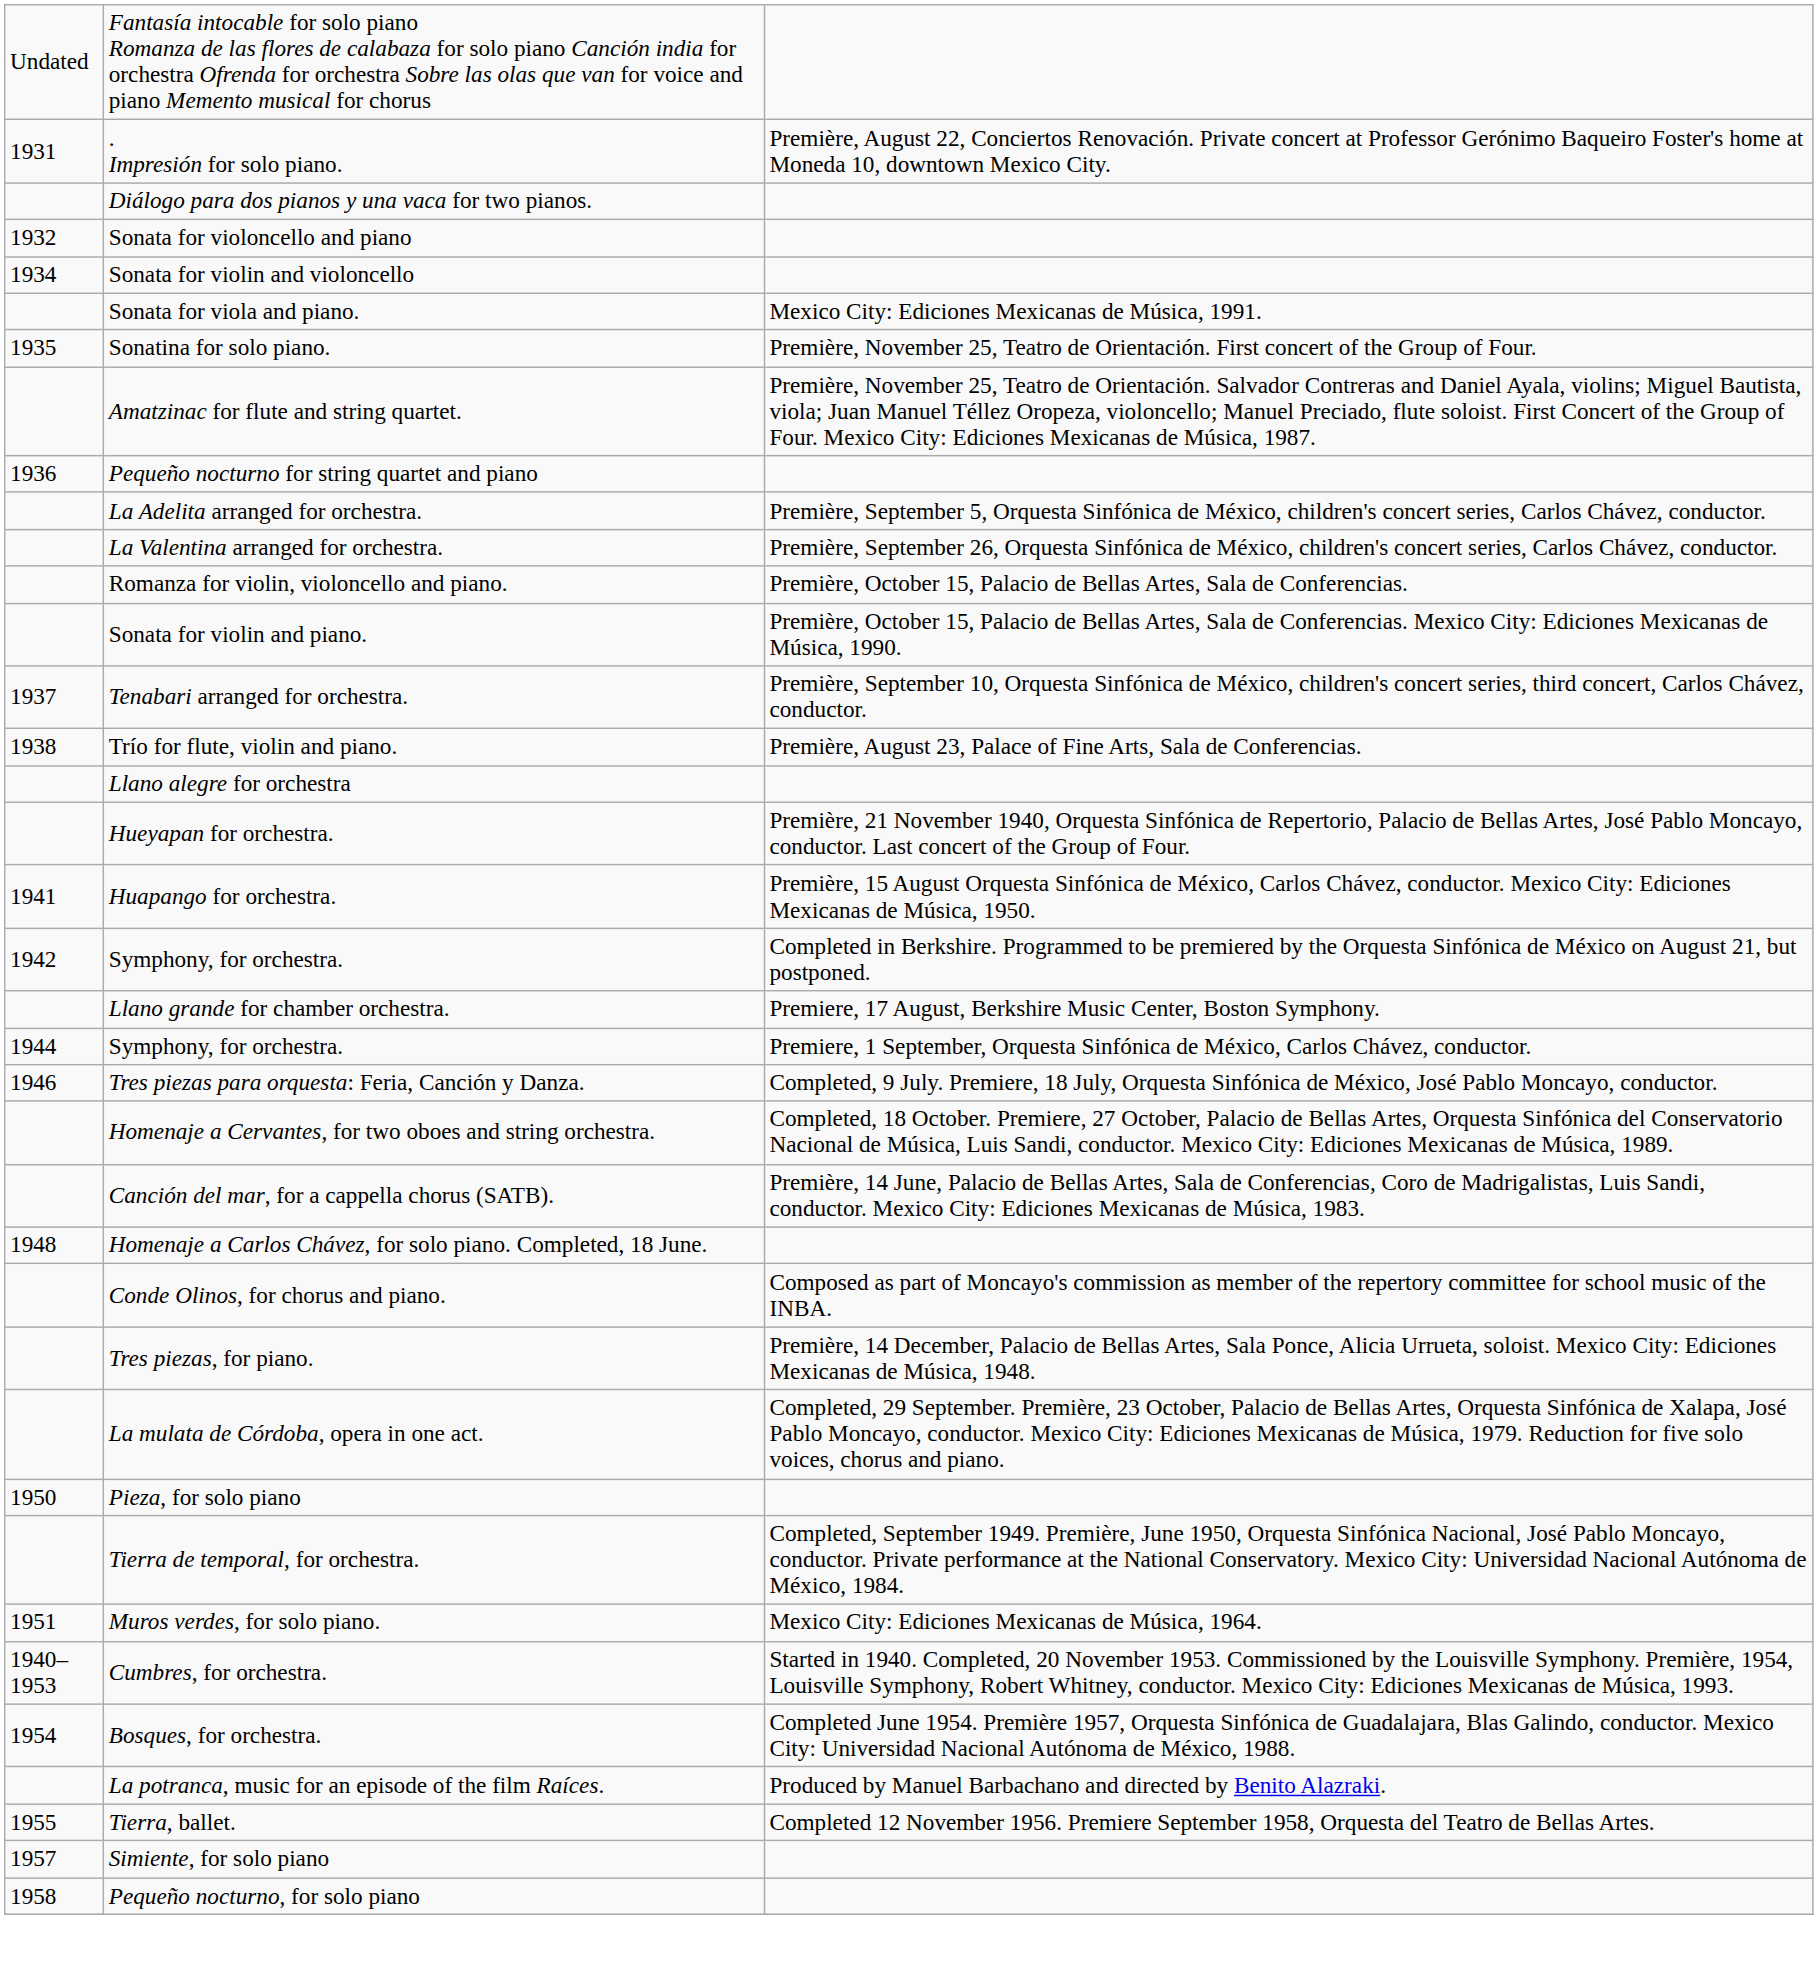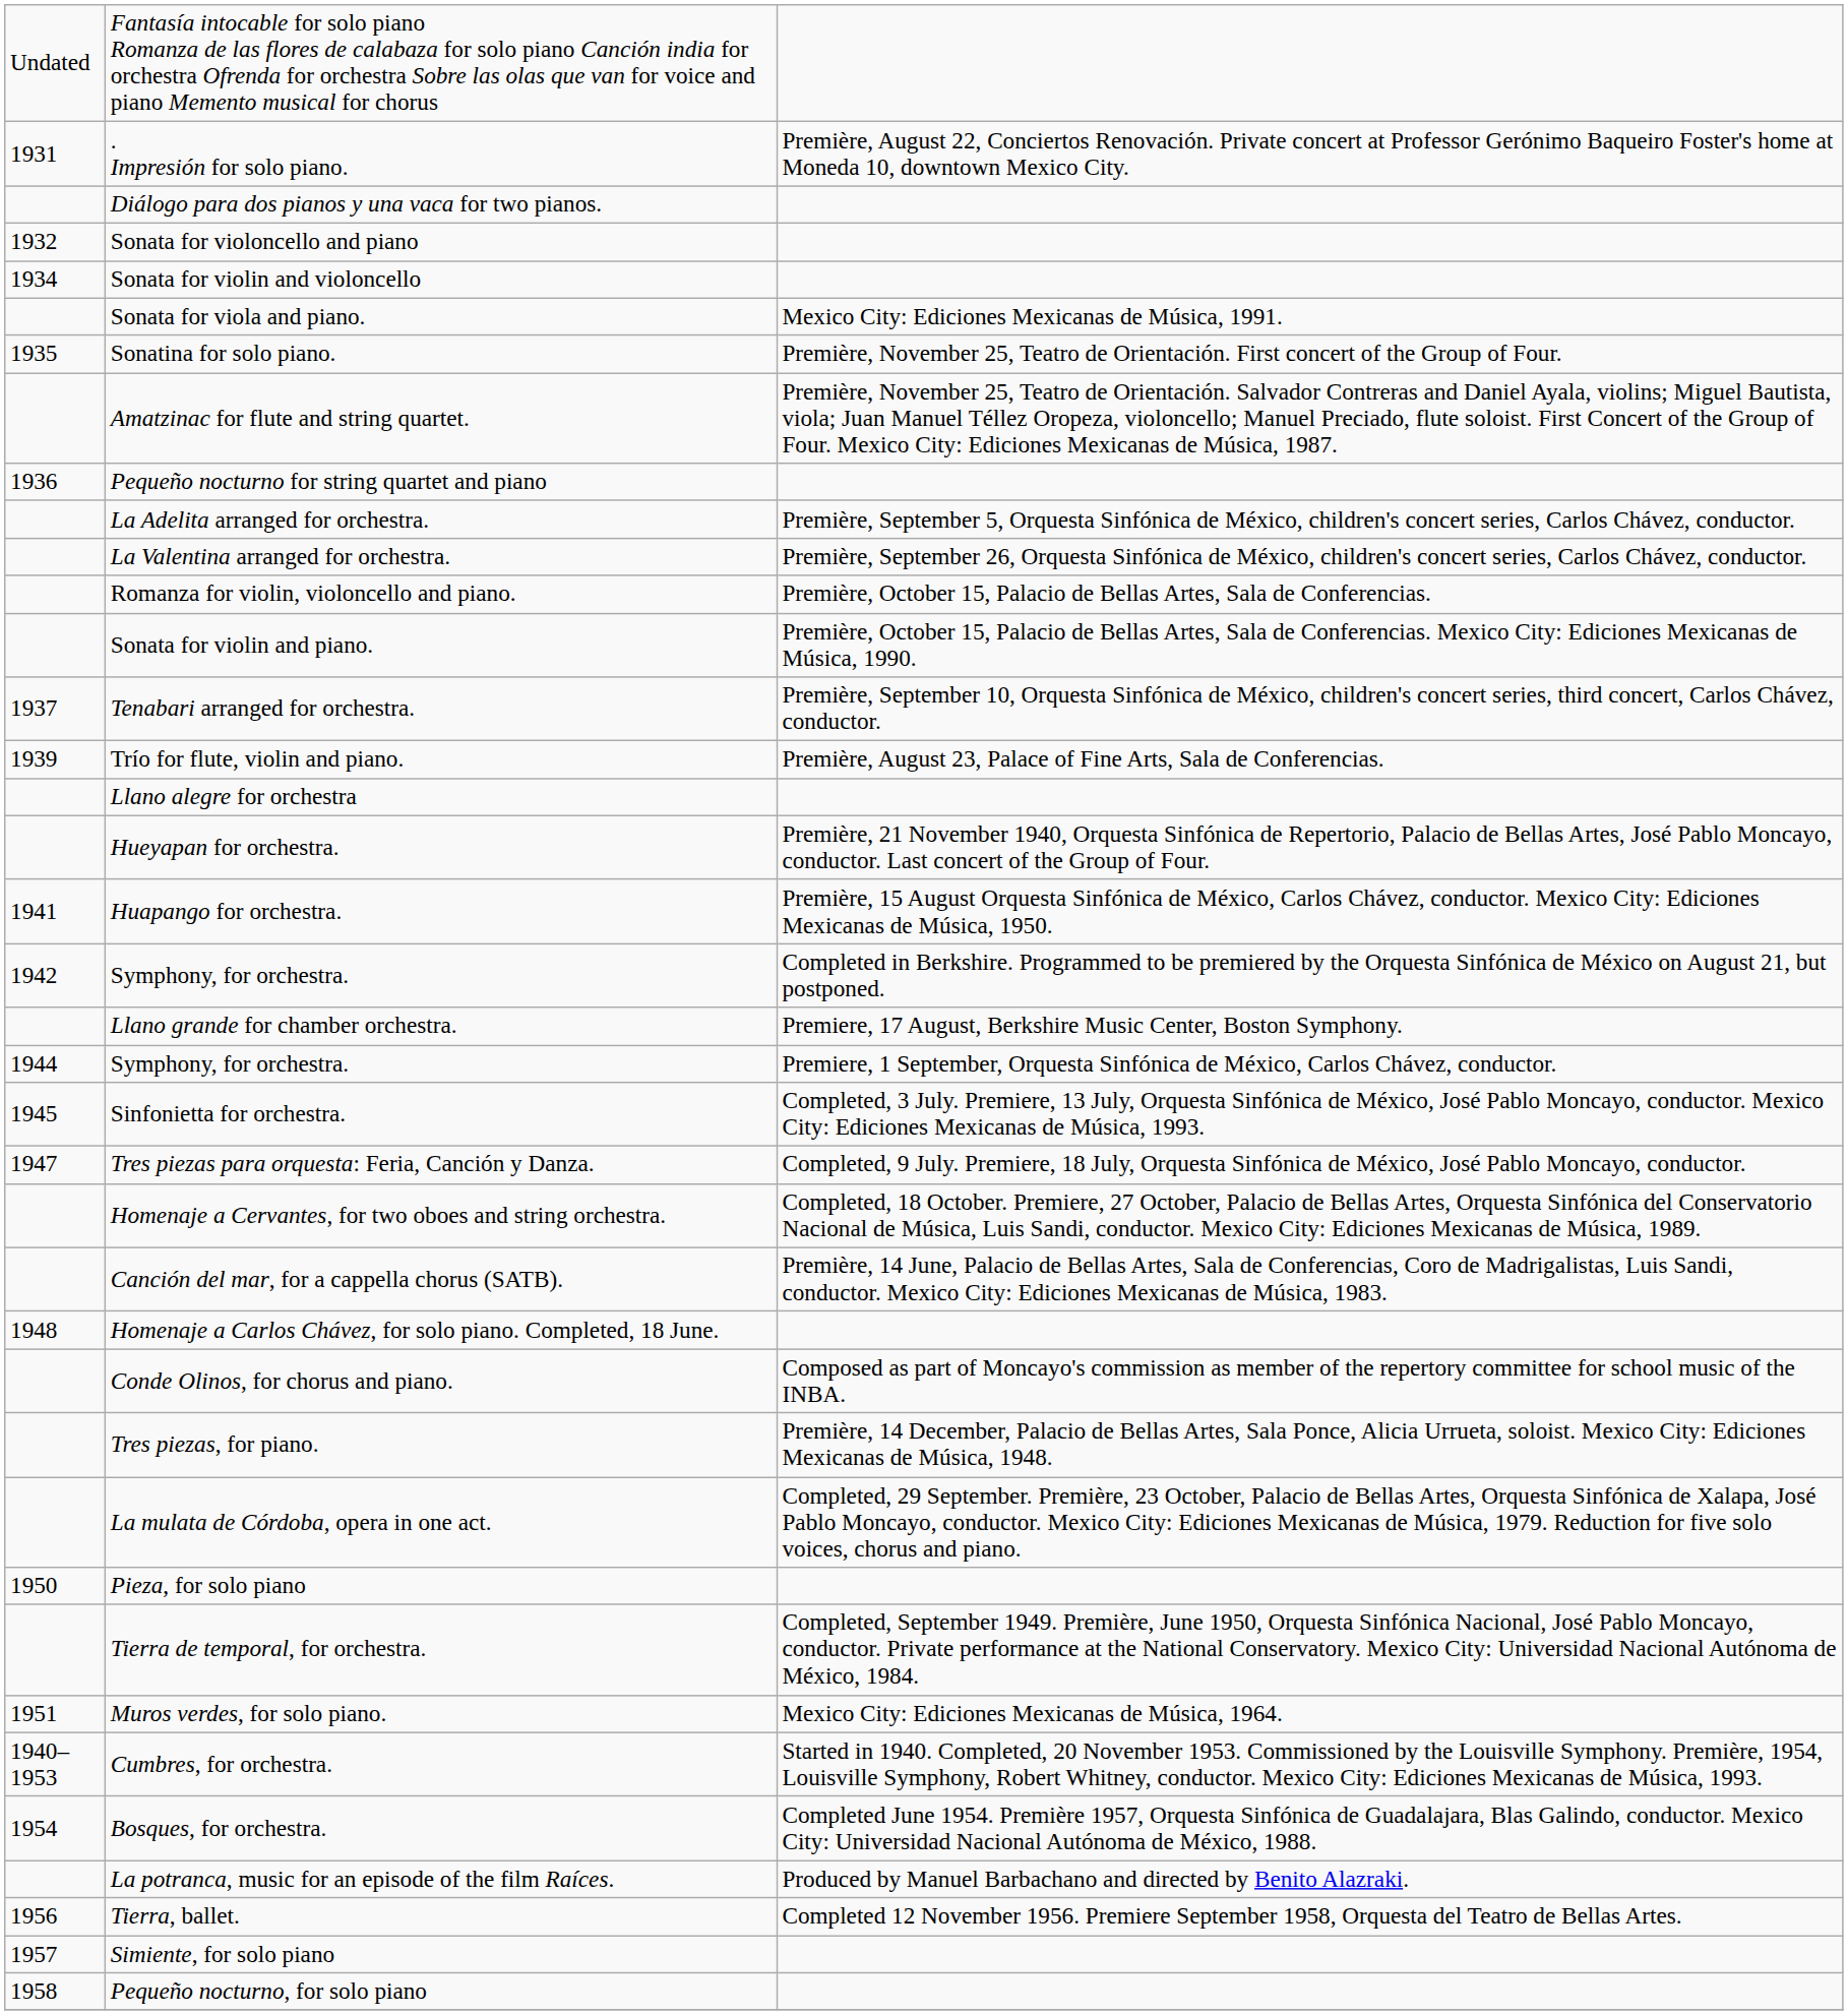 <table class="wikitable">
 <tr>
 <td>Undated</td>
 <td><em>Fantasía intocable</em> for solo piano<br><em>Romanza de las flores de calabaza</em> for solo piano <em>Canción india</em> for orchestra <em>Ofrenda</em> for orchestra <em>Sobre las olas que van</em> for voice and piano <em>Memento musical</em> for chorus</td>
 </tr>
 <tr>
 <td>1931</td>
 <td>.<br><em>Impresión</em> for solo piano.</td>
 <td>Première, August 22, Conciertos Renovación.  Private concert at Professor Gerónimo Baqueiro Foster's home at Moneda 10, downtown Mexico City.</td>
 </tr>
 <tr>
 <td></td>
 <td><em>Diálogo para dos pianos y una vaca</em> for two pianos.</td>
 <td></td>
 </tr>
 <tr>
 <td>1932</td>
 <td>Sonata for violoncello and piano</td>
 <td></td>
 </tr>
 <tr>
 <td>1934</td>
 <td>Sonata for violin and violoncello</td>
 <td></td>
 </tr>
 <tr>
 <td></td>
 <td>Sonata for viola and piano.</td>
 <td>Mexico City: Ediciones Mexicanas de Música, 1991.</td>
 </tr>
 <tr>
 <td>1935</td>
 <td>Sonatina for solo piano.</td>
 <td>Première, November 25, Teatro de Orientación. First concert of the Group of Four.</td>
 </tr>
 <tr>
 <td></td>
 <td><em>Amatzinac</em> for flute and string quartet.</td>
 <td>Première, November 25, Teatro de Orientación.  Salvador Contreras and Daniel Ayala, violins; Miguel Bautista, viola; Juan Manuel Téllez Oropeza, violoncello; Manuel Preciado, flute soloist.  First Concert of the Group of Four.  Mexico City: Ediciones Mexicanas de Música, 1987.</td>
 </tr>
 <tr>
 <td>1936</td>
 <td><em>Pequeño nocturno</em> for string quartet and piano</td>
 <td></td>
 </tr>
 <tr>
 <td></td>
 <td><em>La Adelita</em> arranged for orchestra.</td>
 <td>Première, September 5, Orquesta Sinfónica de México, children's concert series, Carlos Chávez, conductor.</td>
 </tr>
 <tr>
 <td></td>
 <td><em>La Valentina</em> arranged for orchestra.</td>
 <td>Première, September 26, Orquesta Sinfónica de México, children's concert series, Carlos Chávez, conductor.</td>
 </tr>
 <tr>
 <td></td>
 <td>Romanza for violin, violoncello and piano.</td>
 <td>Première, October 15, Palacio de Bellas Artes, Sala de Conferencias.</td>
 </tr>
 <tr>
 <td></td>
 <td>Sonata for violin and piano.</td>
 <td>Première, October 15, Palacio de Bellas Artes, Sala de Conferencias.  Mexico City: Ediciones Mexicanas de Música, 1990.</td>
 </tr>
 <tr>
 <td>1937</td>
 <td><em>Tenabari</em> arranged for orchestra.</td>
 <td>Première, September 10, Orquesta Sinfónica de México, children's concert series, third concert, Carlos Chávez, conductor.</td>
 </tr>
 <tr>
-<td>1938</td>
+<td>1939</td>
 <td>Trío for flute, violin and piano.</td>
 <td>Première, August 23, Palace of Fine Arts, Sala de Conferencias.</td>
 </tr>
 <tr>
 <td></td>
 <td><em>Llano alegre</em> for orchestra</td>
 <td></td>
 </tr>
 <tr>
 <td></td>
 <td><em>Hueyapan</em> for orchestra.</td>
 <td>Première, 21 November 1940, Orquesta Sinfónica de Repertorio, Palacio de Bellas Artes, José Pablo Moncayo, conductor.  Last concert of the Group of Four.</td>
 </tr>
 <tr>
 <td>1941</td>
 <td><em>Huapango</em> for orchestra.</td>
 <td>Première, 15 August Orquesta Sinfónica de México, Carlos Chávez, conductor.  Mexico City: Ediciones Mexicanas de Música, 1950.</td>
 </tr>
 <tr>
 <td>1942</td>
 <td>Symphony, for orchestra.</td>
 <td>Completed in Berkshire.  Programmed to be premiered by the Orquesta Sinfónica de México on August 21, but postponed.</td>
 </tr>
 <tr>
 <td></td>
 <td><em>Llano grande</em> for chamber orchestra.</td>
 <td>Premiere, 17 August, Berkshire Music Center, Boston Symphony.</td>
 </tr>
 <tr>
 <td>1944</td>
 <td>Symphony, for orchestra.</td>
 <td>Premiere, 1 September, Orquesta Sinfónica de México, Carlos Chávez, conductor.</td>
 </tr>
 <tr>
-<td>1946</td>
+<td>1945</td>
+<td>Sinfonietta for orchestra.</td>
+<td>Completed, 3 July.  Premiere, 13 July, Orquesta Sinfónica de México, José Pablo Moncayo, conductor.  Mexico City: Ediciones Mexicanas de Música, 1993.</td>
+</tr>
+<tr>
+<td>1947</td>
 <td><em>Tres piezas para orquesta</em>: Feria, Canción y Danza.</td>
 <td>Completed, 9 July. Premiere, 18 July, Orquesta Sinfónica de México, José Pablo Moncayo, conductor.</td>
 </tr>
 <tr>
 <td></td>
 <td><em>Homenaje a Cervantes</em>, for two oboes and string orchestra.</td>
 <td>Completed, 18 October. Premiere, 27 October, Palacio de Bellas Artes, Orquesta Sinfónica del Conservatorio Nacional de Música, Luis Sandi, conductor.  Mexico City: Ediciones Mexicanas de Música, 1989.</td>
 </tr>
 <tr>
 <td></td>
 <td><em>Canción del mar</em>, for a cappella chorus (SATB).</td>
 <td>Première, 14 June, Palacio de Bellas Artes, Sala de Conferencias, Coro de Madrigalistas, Luis Sandi, conductor.  Mexico City: Ediciones Mexicanas de Música, 1983.</td>
 </tr>
 <tr>
 <td>1948</td>
 <td><em>Homenaje a Carlos Chávez</em>, for solo piano. Completed, 18 June.</td>
 <td></td>
 </tr>
 <tr>
 <td></td>
 <td><em>Conde Olinos</em>, for chorus and piano.</td>
 <td>Composed as part of Moncayo's commission as member of the repertory committee for school music of the INBA.</td>
 </tr>
 <tr>
 <td></td>
 <td><em>Tres piezas</em>, for piano.</td>
 <td>Première, 14 December, Palacio de Bellas Artes, Sala Ponce, Alicia Urrueta, soloist.  Mexico City: Ediciones Mexicanas de Música, 1948.</td>
 </tr>
 <tr>
 <td></td>
 <td><em>La mulata de Córdoba</em>, opera in one act.</td>
 <td>Completed, 29 September.  Première, 23 October, Palacio de Bellas Artes, Orquesta Sinfónica de Xalapa, José Pablo Moncayo, conductor.  Mexico City: Ediciones Mexicanas de Música, 1979.  Reduction for five solo voices, chorus and piano.</td>
 </tr>
 <tr>
 <td>1950</td>
 <td><em>Pieza</em>, for solo piano</td>
 <td></td>
 </tr>
 <tr>
 <td></td>
 <td><em>Tierra de temporal</em>, for orchestra.</td>
 <td>Completed, September 1949.  Première, June 1950, Orquesta Sinfónica Nacional, José Pablo Moncayo, conductor.  Private performance at the National Conservatory.  Mexico City: Universidad Nacional Autónoma de México, 1984.</td>
 </tr>
 <tr>
 <td>1951</td>
 <td><em>Muros verdes</em>, for solo piano.</td>
 <td>Mexico City: Ediciones Mexicanas de Música, 1964.</td>
 </tr>
 <tr>
 <td>1940–1953</td>
 <td><em>Cumbres</em>, for orchestra.</td>
 <td>Started in 1940. Completed, 20 November 1953.  Commissioned by the Louisville Symphony.  Première, 1954, Louisville Symphony, Robert Whitney, conductor.  Mexico City: Ediciones Mexicanas de Música, 1993.</td>
 </tr>
 <tr>
 <td>1954</td>
 <td><em>Bosques</em>, for orchestra.</td>
 <td>Completed June 1954. Première 1957, Orquesta Sinfónica de Guadalajara, Blas Galindo, conductor.  Mexico City: Universidad Nacional Autónoma de México, 1988.</td>
 </tr>
 <tr>
 <td></td>
 <td><em>La potranca</em>, music for an episode of the film <em>Raíces</em>.</td>
 <td>Produced by Manuel Barbachano and directed by <a href='#'>Benito Alazraki</a>.</td>
 </tr>
 <tr>
-<td>1955</td>
+<td>1956</td>
 <td><em>Tierra</em>, ballet.</td>
 <td>Completed 12 November 1956.  Premiere September 1958, Orquesta del Teatro de Bellas Artes.</td>
 </tr>
 <tr>
 <td>1957</td>
 <td><em>Simiente</em>, for solo piano</td>
 <td></td>
 </tr>
 <tr>
 <td>1958</td>
 <td><em>Pequeño nocturno</em>, for solo piano</td>
 <td></td>
 </tr>
 <tr>
 </tr>
 </table>
